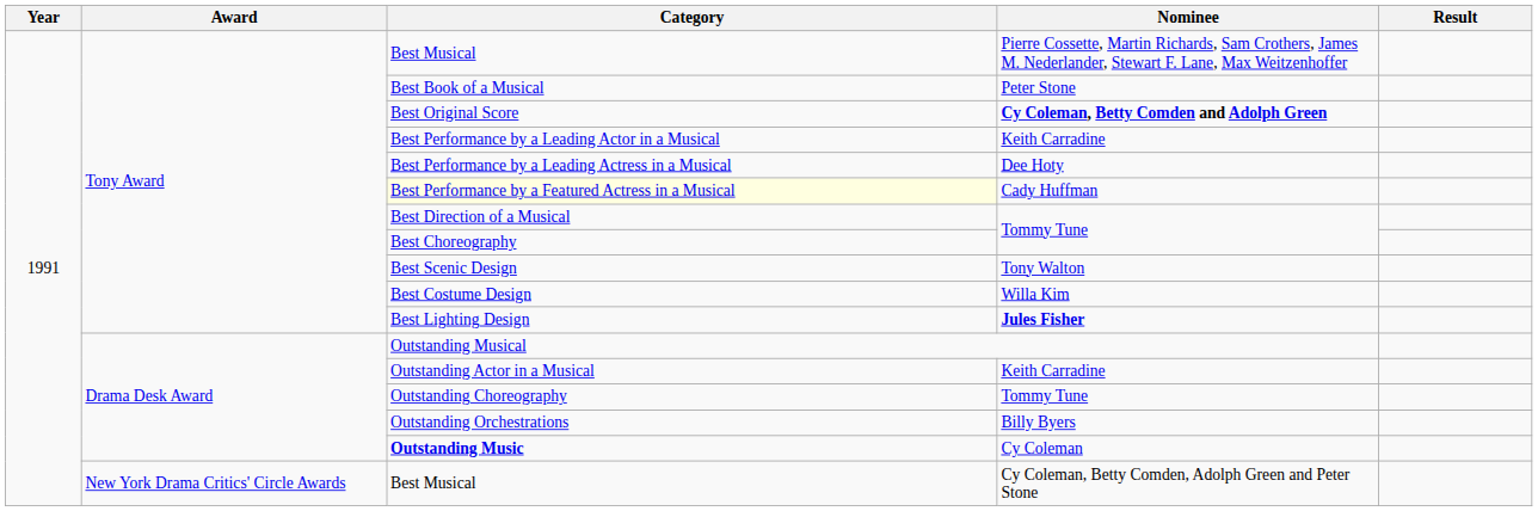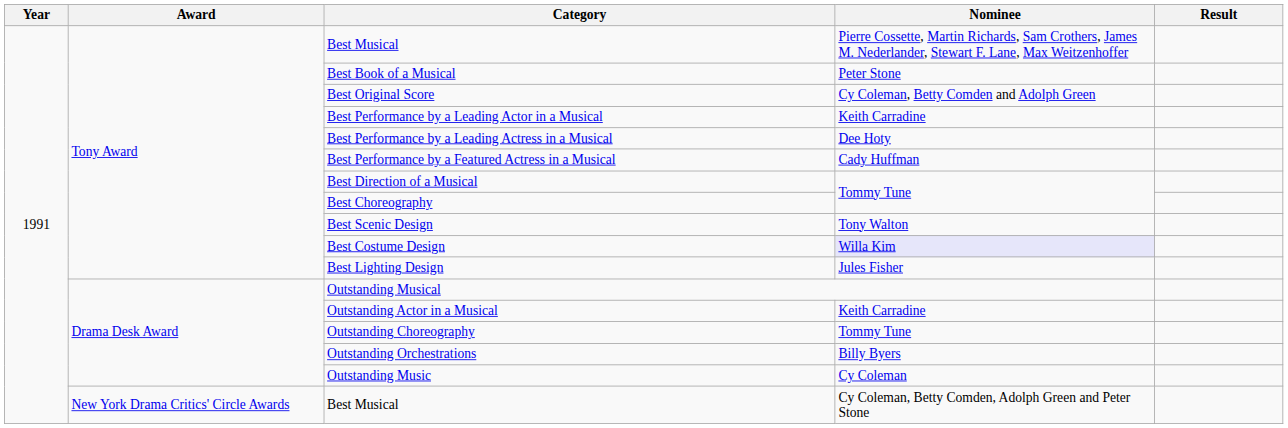 <table class="wikitable" width="95%">
 <tr>
 <th width="5%">Year</th>
 <th width="20%">Award</th>
 <th width="40%">Category</th>
 <th width="25%">Nominee</th>
 <th width="10%">Result</th>
 </tr>
 <tr>
 <td rowspan="17" align="center">1991</td>
 <td rowspan="11"><a href='#'>Tony Award</a></td>
 <td><a href='#'>Best Musical</a></td>
 <td><a href='#'>Pierre Cossette</a>, <a href='#'>Martin Richards</a>, <a href='#'>Sam Crothers</a>, <a href='#'>James M. Nederlander</a>, <a href='#'>Stewart F. Lane</a>, <a href='#'>Max Weitzenhoffer</a></td>
 <td></td>
 </tr>
 <tr>
 <td><a href='#'>Best Book of a Musical</a></td>
 <td><a href='#'>Peter Stone</a></td>
 <td></td>
 </tr>
 <tr>
 <td><a href='#'>Best Original Score</a></td>
-<td><strong><a href='#'>Cy Coleman</a>, <a href='#'>Betty Comden</a> and <a href='#'>Adolph Green</a></strong></td>
+<td><a href='#'>Cy Coleman</a>, <a href='#'>Betty Comden</a> and <a href='#'>Adolph Green</a></td>
 <td></td>
 </tr>
 <tr>
 <td><a href='#'>Best Performance by a Leading Actor in a Musical</a></td>
 <td><a href='#'>Keith Carradine</a></td>
 <td></td>
 </tr>
 <tr>
 <td><a href='#'>Best Performance by a Leading Actress in a Musical</a></td>
 <td><a href='#'>Dee Hoty</a></td>
 <td></td>
 </tr>
 <tr>
-<td style="background: lightyellow;"><a href='#'>Best Performance by a Featured Actress in a Musical</a></td>
+<td><a href='#'>Best Performance by a Featured Actress in a Musical</a></td>
 <td><a href='#'>Cady Huffman</a></td>
 <td></td>
 </tr>
 <tr>
 <td><a href='#'>Best Direction of a Musical</a></td>
 <td rowspan="2"><a href='#'>Tommy Tune</a></td>
 <td></td>
 </tr>
 <tr>
 <td><a href='#'>Best Choreography</a></td>
 <td></td>
 </tr>
 <tr>
 <td><a href='#'>Best Scenic Design</a></td>
 <td><a href='#'>Tony Walton</a></td>
 <td></td>
 </tr>
 <tr>
 <td><a href='#'>Best Costume Design</a></td>
-<td><a href='#'>Willa Kim</a></td>
+<td style="background: lavender;"><a href='#'>Willa Kim</a></td>
 <td></td>
 </tr>
 <tr>
 <td><a href='#'>Best Lighting Design</a></td>
-<td><strong><a href='#'>Jules Fisher</a></strong></td>
+<td><a href='#'>Jules Fisher</a></td>
 <td></td>
 </tr>
 <tr>
 <td rowspan="5"><a href='#'>Drama Desk Award</a></td>
 <td colspan="2"><a href='#'>Outstanding Musical</a></td>
 <td></td>
 </tr>
 <tr>
 <td><a href='#'>Outstanding Actor in a Musical</a></td>
 <td><a href='#'>Keith Carradine</a></td>
 <td></td>
 </tr>
 <tr>
 <td><a href='#'>Outstanding Choreography</a></td>
 <td><a href='#'>Tommy Tune</a></td>
 <td></td>
 </tr>
 <tr>
 <td><a href='#'>Outstanding Orchestrations</a></td>
 <td><a href='#'>Billy Byers</a></td>
 <td></td>
 </tr>
 <tr>
-<td><strong><a href='#'>Outstanding Music</a></strong></td>
+<td><a href='#'>Outstanding Music</a></td>
 <td><a href='#'>Cy Coleman</a></td>
 <td></td>
 </tr>
 <tr>
 <td><a href='#'>New York Drama Critics' Circle Awards</a></td>
 <td>Best Musical</td>
 <td>Cy Coleman, Betty Comden, Adolph Green and Peter Stone</td>
 <td></td>
 </tr>
 </table>
